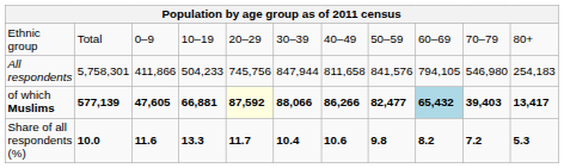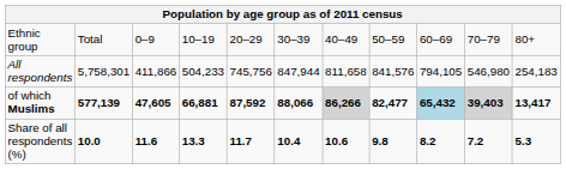 <table class="wikitable" width="400px">
 <tr>
 <th colspan="19">Population by age group as of 2011 census</th>
 </tr>
 <tr>
 <td>Ethnic group</td>
 <td>Total</td>
 <td>0–9</td>
 <td>10–19</td>
 <td>20–29</td>
 <td>30–39</td>
 <td>40–49</td>
 <td>50–59</td>
 <td>60–69</td>
 <td>70–79</td>
 <td>80+</td>
 </tr>
 <tr>
 <td><em>All respondents </em></td>
 <td>5,758,301</td>
 <td>411,866</td>
 <td>504,233</td>
 <td>745,756</td>
 <td>847,944</td>
 <td>811,658</td>
 <td>841,576</td>
 <td>794,105</td>
 <td>546,980</td>
 <td>254,183</td>
 </tr>
 <tr>
 <td>of which <strong>Muslims</strong></td>
 <td><strong>577,139</strong></td>
 <td><strong>47,605</strong></td>
 <td><strong>66,881</strong></td>
-<td style="background: lightyellow;"><strong>87,592</strong></td>
+<td><strong>87,592</strong></td>
 <td><strong>88,066</strong></td>
-<td><strong>86,266</strong></td>
+<td style="background: lightgrey;"><strong>86,266</strong></td>
 <td><strong>82,477</strong></td>
 <td style="background: lightblue;"><strong>65,432</strong></td>
-<td><strong>39,403</strong></td>
+<td style="background: lightgrey;"><strong>39,403</strong></td>
 <td><strong>13,417</strong></td>
 </tr>
 <tr>
 <td>Share of all respondents (%)</td>
 <td><strong>10.0</strong></td>
 <td><strong>11.6</strong></td>
 <td><strong>13.3</strong></td>
 <td><strong>11.7</strong></td>
 <td><strong>10.4</strong></td>
 <td><strong>10.6</strong></td>
 <td><strong>9.8</strong></td>
 <td><strong>8.2</strong></td>
 <td><strong>7.2 </strong></td>
 <td><strong>5.3</strong></td>
 </tr>
 </table>
